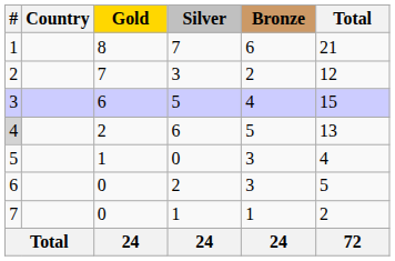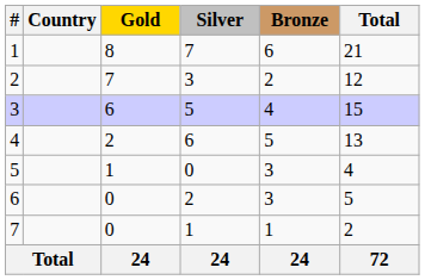 <table class="wikitable">
 <tr>
 <th>#</th>
 <th>Country</th>
 <th width="60" style="background-color:gold;">Gold</th>
 <th width="60" style="background-color:silver;">Silver</th>
 <th width="60" style="background-color:#CC9966;">Bronze</th>
 <th width="60">Total</th>
 </tr>
 <tr>
 <td>1</td>
 <td align=left></td>
 <td>8</td>
 <td>7</td>
 <td>6</td>
 <td>21</td>
 </tr>
 <tr>
 <td>2</td>
 <td align=left></td>
 <td>7</td>
 <td>3</td>
 <td>2</td>
 <td>12</td>
 </tr>
 <tr style="background:#ccccff">
 <td>3</td>
 <td align=left></td>
 <td>6</td>
 <td>5</td>
 <td>4</td>
 <td>15</td>
 </tr>
 <tr>
-<td style="background: lightgrey;">4</td>
+<td>4</td>
 <td align=left></td>
 <td>2</td>
 <td>6</td>
 <td>5</td>
 <td>13</td>
 </tr>
 <tr>
 <td>5</td>
 <td align=left></td>
 <td>1</td>
 <td>0</td>
 <td>3</td>
 <td>4</td>
 </tr>
 <tr>
 <td>6</td>
 <td align=left></td>
 <td>0</td>
 <td>2</td>
 <td>3</td>
 <td>5</td>
 </tr>
 <tr>
 <td>7</td>
 <td align=left></td>
 <td>0</td>
 <td>1</td>
 <td>1</td>
 <td>2</td>
 </tr>
 <tr>
 <th colspan="2">Total</th>
 <th>24</th>
 <th>24</th>
 <th>24</th>
 <th>72</th>
 </tr>
 </table>
